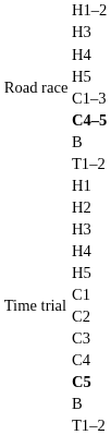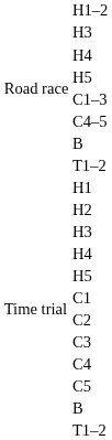 <table>
 <tr>
 <td rowspan=8>Road race<br></td>
 <td>H1–2</td>
 <td></td>
 <td></td>
 <td></td>
 </tr>
 <tr>
 <td>H3</td>
 <td></td>
 <td></td>
 <td></td>
 </tr>
 <tr>
 <td>H4</td>
 <td></td>
 <td></td>
 <td></td>
 </tr>
 <tr>
 <td>H5</td>
 <td></td>
 <td></td>
 <td></td>
 </tr>
 <tr>
 <td>C1–3</td>
 <td></td>
 <td></td>
 <td></td>
 </tr>
 <tr>
-<td><strong>C4–5</strong></td>
+<td>C4–5</td>
 <td></td>
 <td></td>
 <td></td>
 </tr>
 <tr>
 <td>B</td>
 <td></td>
 <td></td>
 <td></td>
 </tr>
 <tr>
 <td>T1–2</td>
 <td></td>
 <td></td>
 <td></td>
 </tr>
 <tr>
 <td rowspan=12>Time trial<br></td>
 <td>H1</td>
 <td></td>
 <td></td>
 <td></td>
 </tr>
 <tr>
 <td>H2</td>
 <td></td>
 <td></td>
 <td></td>
 </tr>
 <tr>
 <td>H3</td>
 <td></td>
 <td></td>
 <td></td>
 </tr>
 <tr>
 <td>H4</td>
 <td></td>
 <td></td>
 <td></td>
 </tr>
 <tr>
 <td>H5</td>
 <td></td>
 <td></td>
 <td></td>
 </tr>
 <tr>
 <td>C1</td>
 <td></td>
 <td></td>
 <td></td>
 </tr>
 <tr>
 <td>C2</td>
 <td></td>
 <td></td>
 <td></td>
 </tr>
 <tr>
 <td>C3</td>
 <td></td>
 <td></td>
 <td></td>
 </tr>
 <tr>
 <td>C4</td>
 <td></td>
 <td></td>
 <td></td>
 </tr>
 <tr>
-<td><strong>C5</strong></td>
+<td>C5</td>
 <td></td>
 <td></td>
 <td></td>
 </tr>
 <tr>
 <td>B</td>
 <td></td>
 <td></td>
 <td></td>
 </tr>
 <tr>
 <td>T1–2</td>
 <td></td>
 <td></td>
 <td></td>
 </tr>
 </table>
